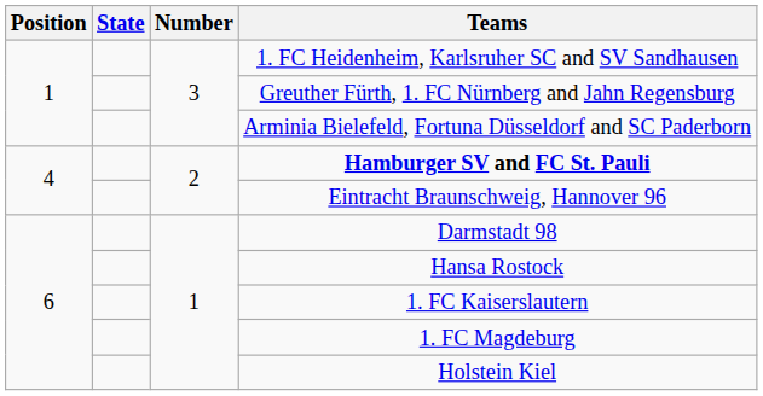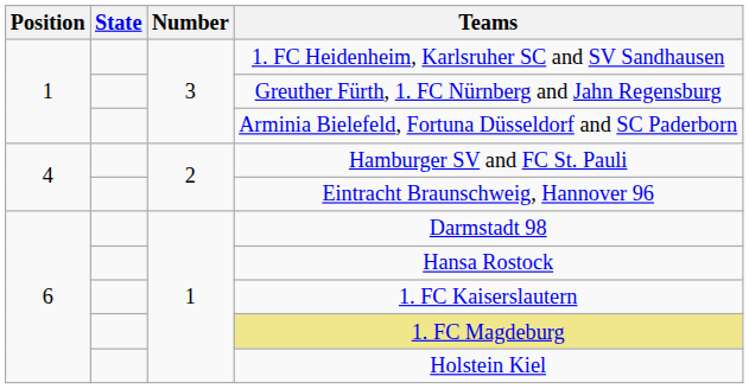 <table class="wikitable">
 <tr>
 <th>Position</th>
 <th><a href='#'>State</a></th>
 <th>Number</th>
 <th>Teams</th>
 </tr>
 <tr>
 <td align=center rowspan="3">1</td>
 <td></td>
 <td align=center rowspan="3">3</td>
 <td align=center><a href='#'>1. FC Heidenheim</a>, <a href='#'>Karlsruher SC</a> and <a href='#'>SV Sandhausen</a></td>
 </tr>
 <tr>
 <td></td>
 <td align=center><a href='#'>Greuther Fürth</a>, <a href='#'>1. FC Nürnberg</a> and <a href='#'>Jahn Regensburg</a></td>
 </tr>
 <tr>
 <td></td>
 <td align=center><a href='#'>Arminia Bielefeld</a>, <a href='#'>Fortuna Düsseldorf</a> and <a href='#'>SC Paderborn</a></td>
 </tr>
 <tr>
 <td align=center rowspan="2">4</td>
 <td></td>
 <td align=center rowspan="2">2</td>
-<td align=center><strong><a href='#'>Hamburger SV</a> and <a href='#'>FC St. Pauli</a></strong></td>
+<td align=center><a href='#'>Hamburger SV</a> and <a href='#'>FC St. Pauli</a></td>
 </tr>
 <tr>
 <td></td>
 <td align=center><a href='#'>Eintracht Braunschweig</a>, <a href='#'>Hannover 96</a></td>
 </tr>
 <tr>
 <td align=center rowspan="5">6</td>
 <td></td>
 <td align=center rowspan="5">1</td>
 <td align=center><a href='#'>Darmstadt 98</a></td>
 </tr>
 <tr>
 <td></td>
 <td align=center><a href='#'>Hansa Rostock</a></td>
 </tr>
 <tr>
 <td></td>
 <td align=center><a href='#'>1. FC Kaiserslautern</a></td>
 </tr>
 <tr>
 <td></td>
-<td align=center><a href='#'>1. FC Magdeburg</a></td>
+<td align=center style="background: khaki;"><a href='#'>1. FC Magdeburg</a></td>
 </tr>
 <tr>
 <td></td>
 <td align=center><a href='#'>Holstein Kiel</a></td>
 </tr>
 </table>
